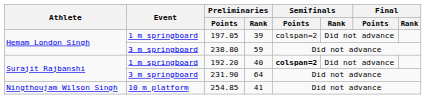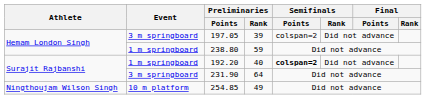 <table class="wikitable" style="text-align:center; font-size:90%; width:50%;">
 <tr>
 <th rowspan=2>Athlete</th>
 <th rowspan=2>Event</th>
 <th colspan=2>Preliminaries</th>
 <th colspan=2>Semifinals</th>
 <th colspan=2>Final</th>
 </tr>
 <tr style="font-size:95%">
 <th>Points</th>
 <th>Rank</th>
 <th>Points</th>
 <th>Rank</th>
 <th>Points</th>
 <th>Rank</th>
 </tr>
 <tr>
 <td align=left rowspan=2><a href='#'>Hemam London Singh</a></td>
-<td align=left><a href='#'>1 m springboard</a></td>
+<td align=left><a href='#'>3 m springboard</a></td>
 <td>197.05</td>
 <td>39</td>
 <td>colspan=2 </td>
 <td colspan=2>Did not advance</td>
 </tr>
 <tr>
-<td align=left><a href='#'>3 m springboard</a></td>
+<td align=left><a href='#'>1 m springboard</a></td>
 <td>238.80</td>
 <td>59</td>
 <td colspan=4>Did not advance</td>
 </tr>
 <tr>
 <td align=left rowspan=2><a href='#'>Surajit Rajbanshi</a></td>
 <td align=left><a href='#'>1 m springboard</a></td>
 <td>192.20</td>
 <td>40</td>
 <td><strong>colspan=2 </strong></td>
 <td colspan=2>Did not advance</td>
 </tr>
 <tr>
 <td align=left><a href='#'>3 m springboard</a></td>
 <td>231.90</td>
 <td>64</td>
 <td colspan=4>Did not advance</td>
 </tr>
 <tr>
 <td align=left><a href='#'>Ningthoujam Wilson Singh</a></td>
 <td align=left><a href='#'>10 m platform</a></td>
 <td>254.85</td>
-<td>41</td>
+<td>49</td>
 <td colspan=4>Did not advance</td>
 </tr>
 </table>
